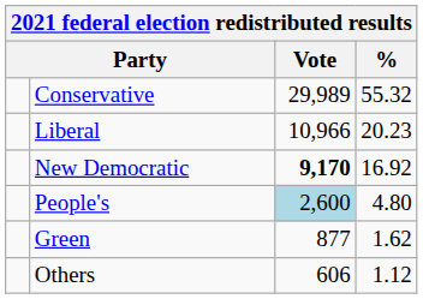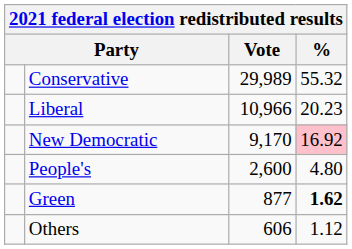 <table class="wikitable">
 <tr>
 <th colspan="4"><a href='#'>2021 federal election</a> redistributed results</th>
 </tr>
 <tr>
 <th bgcolor="#DDDDFF" width="130px" colspan="2">Party</th>
 <th bgcolor="#DDDDFF" width="50px">Vote</th>
 <th bgcolor="#DDDDFF" width="30px">%</th>
 </tr>
 <tr>
 <td> </td>
 <td><a href='#'>Conservative</a></td>
 <td align=right>29,989</td>
 <td align=right>55.32</td>
 </tr>
 <tr>
 <td> </td>
 <td><a href='#'>Liberal</a></td>
 <td align=right>10,966</td>
 <td align=right>20.23</td>
 </tr>
 <tr>
 <td> </td>
 <td><a href='#'>New Democratic</a></td>
-<td align=right><strong>9,170</strong></td>
-<td align=right>16.92</td>
+<td align=right>9,170</td>
+<td align=right style="background: pink;">16.92</td>
 </tr>
 <tr>
 <td> </td>
 <td><a href='#'>People's</a></td>
-<td align=right style="background: lightblue;">2,600</td>
+<td align=right>2,600</td>
 <td align=right>4.80</td>
 </tr>
 <tr>
 <td> </td>
 <td><a href='#'>Green</a></td>
 <td align=right>877</td>
-<td align=right>1.62</td>
+<td align=right><strong>1.62</strong></td>
 </tr>
 <tr>
 <td> </td>
 <td>Others</td>
 <td align=right>606</td>
 <td align=right>1.12</td>
 </tr>
 </table>
